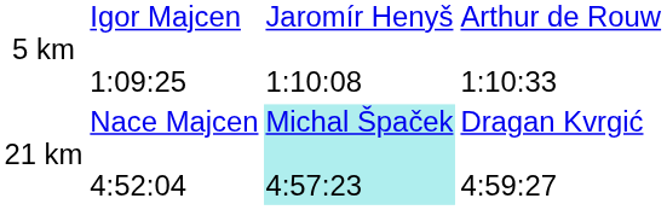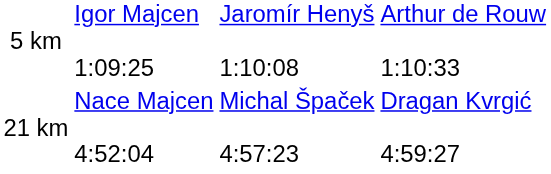 <table>
 <tr>
 <td align=center>5 km</td>
 <td><a href='#'>Igor Majcen</a> <br><br> 1:09:25</td>
 <td><a href='#'>Jaromír Henyš</a> <br><br> 1:10:08</td>
 <td><a href='#'>Arthur de Rouw</a> <br><br> 1:10:33</td>
 </tr>
 <tr>
 <td align=center>21 km</td>
 <td><a href='#'>Nace Majcen</a> <br><br> 4:52:04</td>
-<td style="background: paleturquoise;"><a href='#'>Michal Špaček</a> <br><br> 4:57:23</td>
+<td><a href='#'>Michal Špaček</a> <br><br> 4:57:23</td>
 <td><a href='#'>Dragan Kvrgić</a> <br><br> 4:59:27</td>
 </tr>
 </table>
